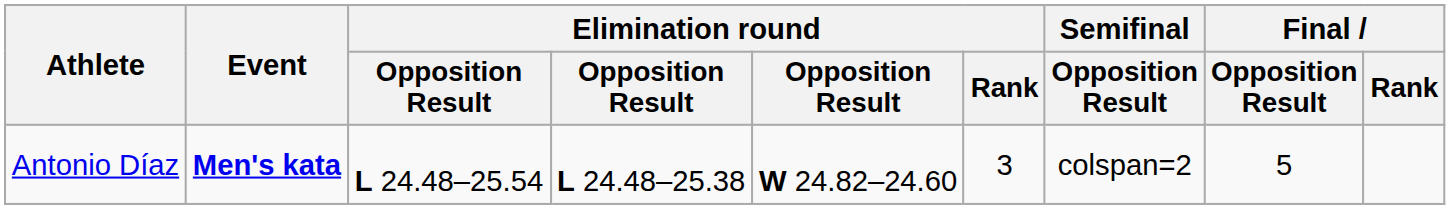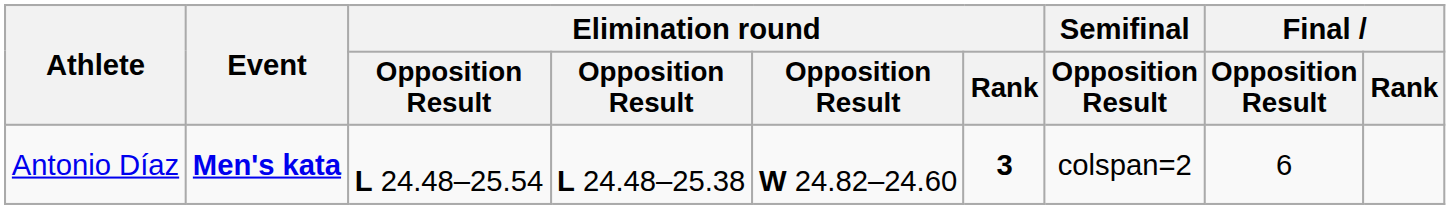 <table class=wikitable style=font-size:90%;text-align:center>
 <tr>
 <th rowspan=2>Athlete</th>
 <th rowspan=2>Event</th>
 <th colspan=4>Elimination round</th>
 <th>Semifinal</th>
 <th colspan=2>Final / </th>
 </tr>
 <tr style=font-size:95%>
 <th>Opposition<br>Result</th>
 <th>Opposition<br>Result</th>
 <th>Opposition<br>Result</th>
 <th>Rank</th>
 <th>Opposition<br>Result</th>
 <th>Opposition<br>Result</th>
 <th>Rank</th>
 </tr>
 <tr>
 <td align=left><a href='#'>Antonio Díaz</a></td>
 <td align=left><strong><a href='#'>Men's kata</a></strong></td>
 <td><br><strong>L</strong> 24.48–25.54</td>
 <td><br><strong>L</strong> 24.48–25.38</td>
 <td><br><strong>W</strong> 24.82–24.60</td>
-<td>3</td>
+<td><strong>3</strong></td>
 <td>colspan=2 </td>
-<td>5</td>
+<td>6</td>
 </tr>
 </table>
